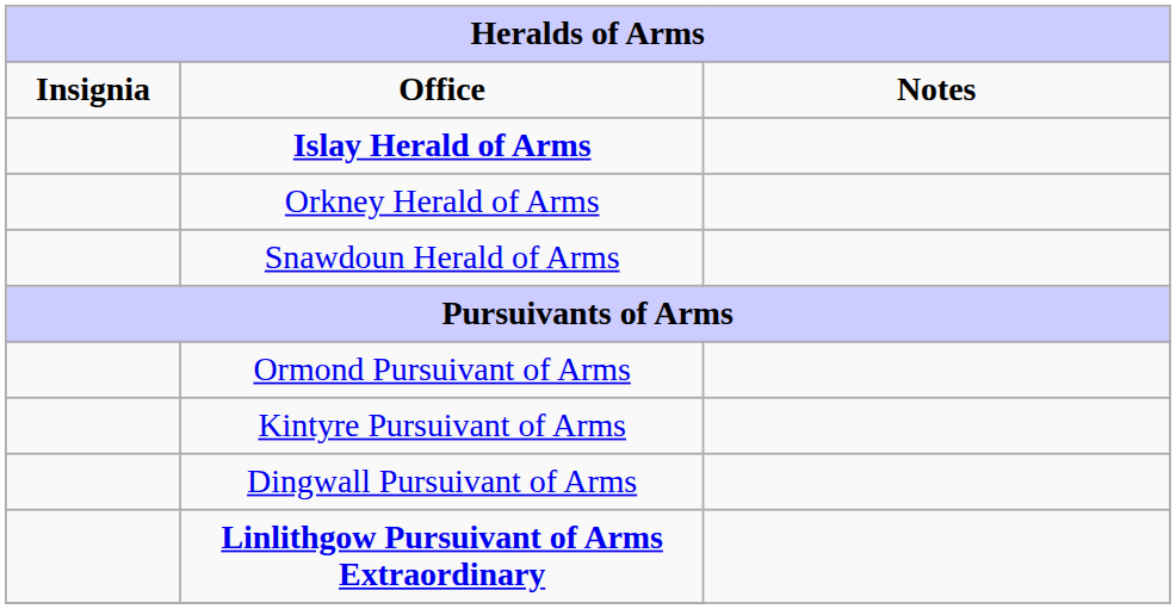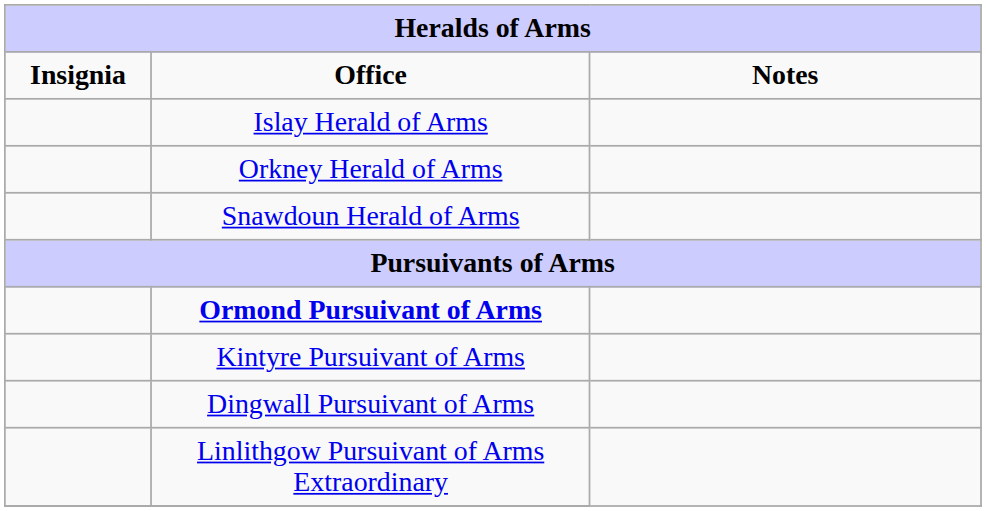 <table width = "90%" border = 1 border="1" cellpadding="4" cellspacing="0" style="margin: 0.5em 1em 0.5em 0; background: #f9f9f9; border: 1px #aaa solid; border-collapse: collapse;">
 <tr>
 <td colspan = "4" bgcolor = "#ccccff" align="center"><strong>Heralds of Arms</strong></td>
 </tr>
 <tr>
 <th style="width: 100px;">Insignia</th>
 <th style="width: 45%;">Office</th>
 <th style="width: 40%;">Notes</th>
 </tr>
 <tr>
 <td align="center"></td>
-<td style="text-align:center;"><strong><a href='#'>Islay Herald of Arms</a></strong></td>
+<td style="text-align:center;"><a href='#'>Islay Herald of Arms</a></td>
 <td></td>
 </tr>
 <tr>
 <td align="center"></td>
 <td style="text-align:center;"><a href='#'>Orkney Herald of Arms</a></td>
 <td></td>
 </tr>
 <tr>
 <td align="center"></td>
 <td style="text-align:center;"><a href='#'>Snawdoun Herald of Arms</a></td>
 <td></td>
 </tr>
 <tr>
 <td colspan = "4" bgcolor = "#ccccff" align="center"><strong>Pursuivants of Arms</strong></td>
 </tr>
 <tr>
 <td align="center"></td>
-<td style="text-align:center;"><a href='#'>Ormond Pursuivant of Arms</a></td>
+<td style="text-align:center;"><strong><a href='#'>Ormond Pursuivant of Arms</a></strong></td>
 <td></td>
 </tr>
 <tr>
 <td align="center"></td>
 <td style="text-align:center;"><a href='#'>Kintyre Pursuivant of Arms</a></td>
 <td></td>
 </tr>
 <tr>
 <td align="center"></td>
 <td style="text-align:center;"><a href='#'>Dingwall Pursuivant of Arms</a></td>
 <td></td>
 </tr>
 <tr>
 <td align="center"></td>
-<td style="text-align:center;"><strong><a href='#'>Linlithgow Pursuivant of Arms Extraordinary</a></strong></td>
+<td style="text-align:center;"><a href='#'>Linlithgow Pursuivant of Arms Extraordinary</a></td>
 </tr>
 <tr>
 </tr>
 </table>
